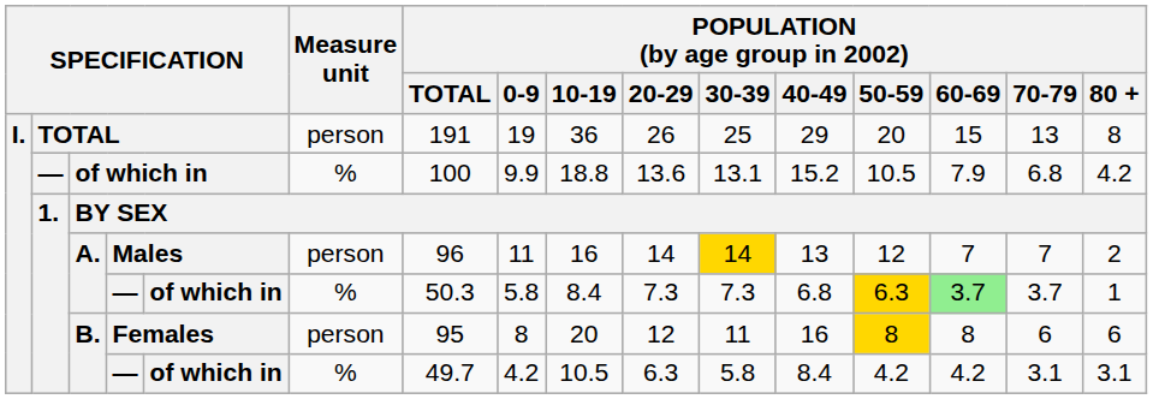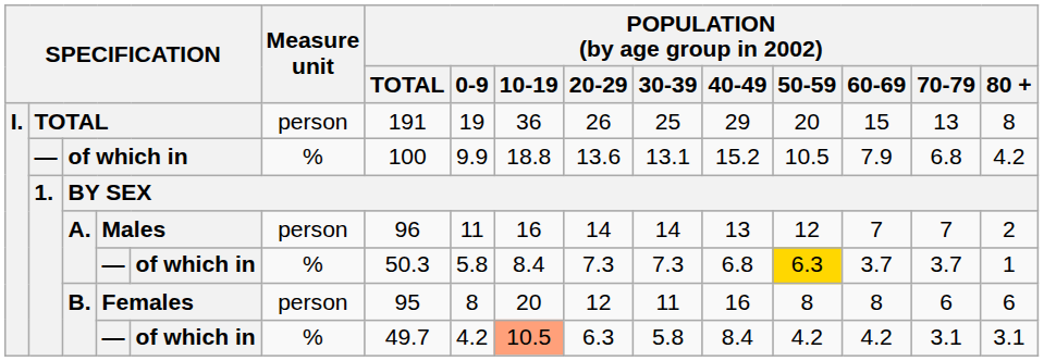 <table class="wikitable" style="font-size:85%; text-align:center">
 <tr>
 <th rowspan="2" colspan="5">SPECIFICATION</th>
 <th rowspan="2">Measure<br> unit</th>
 <th colspan="10" rowspan="1">POPULATION<br> (by age group in 2002)</th>
 </tr>
 <tr>
 <th>TOTAL</th>
 <th>0-9</th>
 <th>10-19</th>
 <th>20-29</th>
 <th>30-39</th>
 <th>40-49</th>
 <th>50-59</th>
 <th>60-69</th>
 <th>70-79</th>
 <th>80 +</th>
 </tr>
 <tr>
 <th style="text-align:left" valign="top" rowspan="7">I.</th>
 <th style="text-align:left" colspan="4">TOTAL</th>
 <td>person</td>
 <td>191</td>
 <td>19</td>
 <td>36</td>
 <td>26</td>
 <td>25</td>
 <td>29</td>
 <td>20</td>
 <td>15</td>
 <td>13</td>
 <td>8</td>
 </tr>
 <tr>
 <th style="text-align:left" valign="top">—</th>
 <th style="text-align:left" colspan="3">of which in</th>
 <td>%</td>
 <td>100</td>
 <td>9.9</td>
 <td>18.8</td>
 <td>13.6</td>
 <td>13.1</td>
 <td>15.2</td>
 <td>10.5</td>
 <td>7.9</td>
 <td>6.8</td>
 <td>4.2</td>
 </tr>
 <tr>
 <th style="text-align:left" valign="top" rowspan="5">1.</th>
 <th style="text-align:left" colspan="14">BY SEX</th>
 </tr>
 <tr>
 <th style="text-align:left" valign="top" rowspan="2">A.</th>
 <th style="text-align:left" colspan="2">Males</th>
 <td>person</td>
 <td>96</td>
 <td>11</td>
 <td>16</td>
 <td>14</td>
-<td style="background: gold;">14</td>
+<td>14</td>
 <td>13</td>
 <td>12</td>
 <td>7</td>
 <td>7</td>
 <td>2</td>
 </tr>
 <tr>
 <th style="text-align:left" valign="top">—</th>
 <th style="text-align:left" colspan="1">of which in</th>
 <td>%</td>
 <td>50.3</td>
 <td>5.8</td>
 <td>8.4</td>
 <td>7.3</td>
 <td>7.3</td>
 <td>6.8</td>
 <td style="background: gold;">6.3</td>
-<td style="background: lightgreen;">3.7</td>
+<td>3.7</td>
 <td>3.7</td>
 <td>1</td>
 </tr>
 <tr>
 <th style="text-align:left" valign="top" rowspan="2">B.</th>
 <th style="text-align:left" colspan="2">Females</th>
 <td>person</td>
 <td>95</td>
 <td>8</td>
 <td>20</td>
 <td>12</td>
 <td>11</td>
 <td>16</td>
-<td style="background: gold;">8</td>
+<td>8</td>
 <td>8</td>
 <td>6</td>
 <td>6</td>
 </tr>
 <tr>
 <th style="text-align:left" valign="top">—</th>
 <th style="text-align:left" colspan="1">of which in</th>
 <td>%</td>
 <td>49.7</td>
 <td>4.2</td>
-<td>10.5</td>
+<td style="background: lightsalmon;">10.5</td>
 <td>6.3</td>
 <td>5.8</td>
 <td>8.4</td>
 <td>4.2</td>
 <td>4.2</td>
 <td>3.1</td>
 <td>3.1</td>
 </tr>
 </table>
